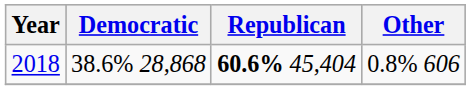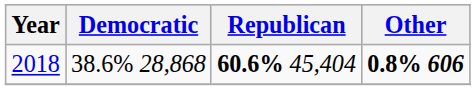 <table class="wikitable" style="float:center; margin:1em; font-size:95%;">
 <tr>
 <th>Year</th>
 <th><a href='#'>Democratic</a></th>
 <th><a href='#'>Republican</a></th>
 <th><a href='#'>Other</a></th>
 </tr>
 <tr>
 <td align="center" ><a href='#'>2018</a></td>
 <td align="center" >38.6% <em>28,868</em></td>
 <td align="center" ><strong>60.6%</strong> <em>45,404</em></td>
-<td align="center" >0.8% <em>606</em></td>
+<td align="center" ><strong>0.8% <em>606</em></strong></td>
 </tr>
 <tr>
 </tr>
 </table>
